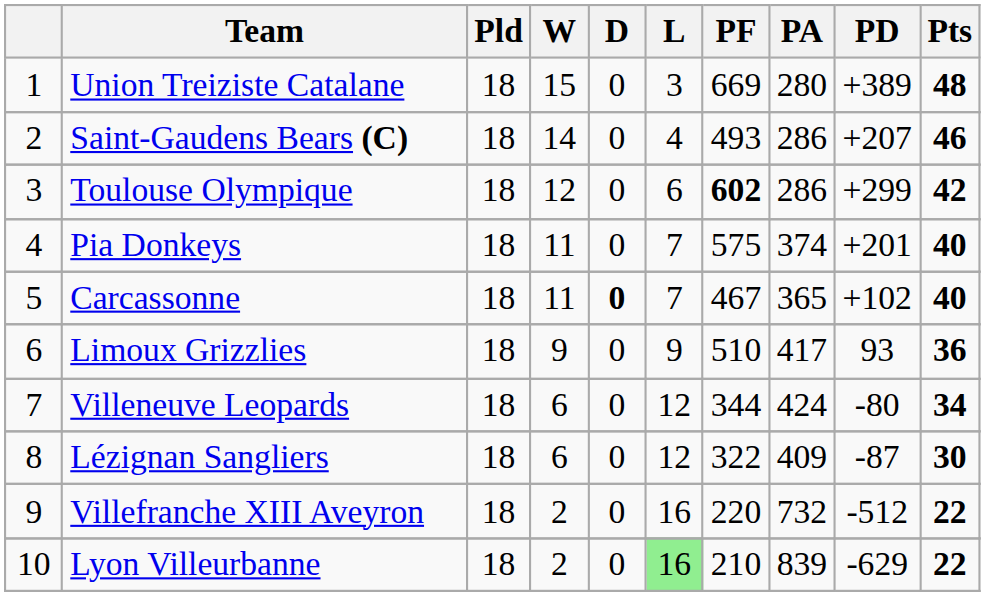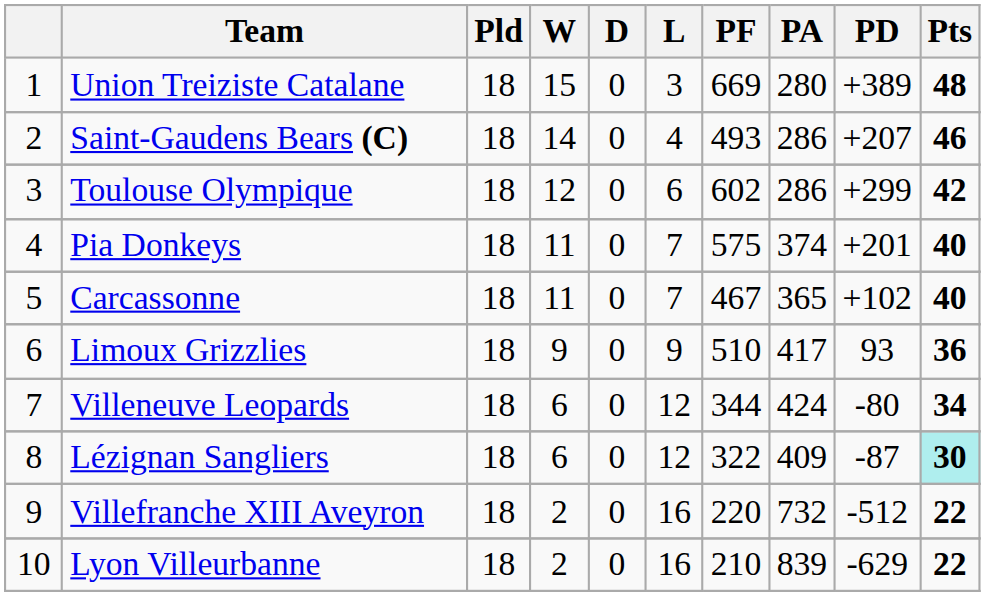 <table class="wikitable" style="text-align:center;">
 <tr>
 <th width=20 abbr="Position"></th>
 <th width=185>Team</th>
 <th width=20 abbr="Played">Pld</th>
 <th width=20 abbr="Won">W</th>
 <th width=20 abbr="Drawn">D</th>
 <th width=20 abbr="Lost">L</th>
 <th width=20 abbr="Points for">PF</th>
 <th width=20 abbr="Points against">PA</th>
 <th width=20 abbr="Points difference">PD</th>
 <th width=20 abbr="Points">Pts</th>
 </tr>
 <tr>
 <td>1</td>
 <td style="text-align:left;"> <a href='#'>Union Treiziste Catalane</a></td>
 <td>18</td>
 <td>15</td>
 <td>0</td>
 <td>3</td>
 <td>669</td>
 <td>280</td>
 <td>+389</td>
 <td><strong>48</strong></td>
 </tr>
 <tr>
 </tr>
 <tr>
 <td>2</td>
 <td style="text-align:left;"> <a href='#'>Saint-Gaudens Bears</a> <strong>(C)</strong></td>
 <td>18</td>
 <td>14</td>
 <td>0</td>
 <td>4</td>
 <td>493</td>
 <td>286</td>
 <td>+207</td>
 <td><strong>46</strong></td>
 </tr>
 <tr>
 </tr>
 <tr>
 <td>3</td>
 <td style="text-align:left;"> <a href='#'>Toulouse Olympique</a></td>
 <td>18</td>
 <td>12</td>
 <td>0</td>
 <td>6</td>
-<td><strong>602</strong></td>
+<td>602</td>
 <td>286</td>
 <td>+299</td>
 <td><strong>42</strong></td>
 </tr>
 <tr>
 </tr>
 <tr>
 <td>4</td>
 <td style="text-align:left;"> <a href='#'>Pia Donkeys</a></td>
 <td>18</td>
 <td>11</td>
 <td>0</td>
 <td>7</td>
 <td>575</td>
 <td>374</td>
 <td>+201</td>
 <td><strong>40</strong></td>
 </tr>
 <tr>
 </tr>
 <tr>
 <td>5</td>
 <td style="text-align:left;"> <a href='#'>Carcassonne</a></td>
 <td>18</td>
 <td>11</td>
-<td><strong>0</strong></td>
+<td>0</td>
 <td>7</td>
 <td>467</td>
 <td>365</td>
 <td>+102</td>
 <td><strong>40</strong></td>
 </tr>
 <tr>
 </tr>
 <tr>
 <td>6</td>
 <td style="text-align:left;"> <a href='#'>Limoux Grizzlies</a></td>
 <td>18</td>
 <td>9</td>
 <td>0</td>
 <td>9</td>
 <td>510</td>
 <td>417</td>
 <td>93</td>
 <td><strong>36</strong></td>
 </tr>
 <tr>
 </tr>
 <tr>
 <td>7</td>
 <td style="text-align:left;"> <a href='#'>Villeneuve Leopards</a></td>
 <td>18</td>
 <td>6</td>
 <td>0</td>
 <td>12</td>
 <td>344</td>
 <td>424</td>
 <td>-80</td>
 <td><strong>34</strong></td>
 </tr>
 <tr>
 </tr>
 <tr>
 <td>8</td>
 <td style="text-align:left;"> <a href='#'>Lézignan Sangliers</a></td>
 <td>18</td>
 <td>6</td>
 <td>0</td>
 <td>12</td>
 <td>322</td>
 <td>409</td>
 <td>-87</td>
-<td><strong>30</strong></td>
+<td style="background: paleturquoise;"><strong>30</strong></td>
 </tr>
 <tr>
 </tr>
 <tr>
 <td>9</td>
 <td style="text-align:left"> <a href='#'>Villefranche XIII Aveyron</a></td>
 <td>18</td>
 <td>2</td>
 <td>0</td>
 <td>16</td>
 <td>220</td>
 <td>732</td>
 <td>-512</td>
 <td><strong>22</strong></td>
 </tr>
 <tr>
 </tr>
 <tr>
 <td>10</td>
 <td style="text-align:left;"> <a href='#'>Lyon Villeurbanne</a></td>
 <td>18</td>
 <td>2</td>
 <td>0</td>
-<td style="background: lightgreen;">16</td>
+<td>16</td>
 <td>210</td>
 <td>839</td>
 <td>-629</td>
 <td><strong>22</strong></td>
 </tr>
 <tr>
 </tr>
 </table>
